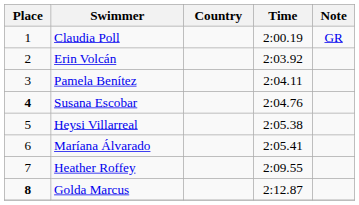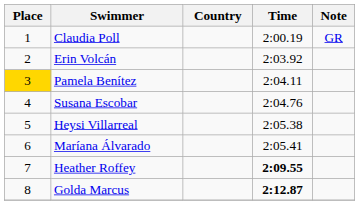 <table class="wikitable" style=" text-align:center; font-size:110%;" width="75%">
 <tr>
 <th>Place</th>
 <th>Swimmer</th>
 <th>Country</th>
 <th>Time</th>
 <th>Note</th>
 </tr>
 <tr>
 <td>1</td>
 <td align=left><a href='#'>Claudia Poll</a></td>
 <td align=left></td>
 <td>2:00.19</td>
 <td><a href='#'>GR</a></td>
 </tr>
 <tr>
 <td>2</td>
 <td align=left><a href='#'>Erin Volcán</a></td>
 <td align=left></td>
 <td>2:03.92</td>
 <td></td>
 </tr>
 <tr>
-<td>3</td>
+<td style="background: gold;">3</td>
 <td align=left><a href='#'>Pamela Benítez</a></td>
 <td align=left></td>
 <td>2:04.11</td>
 <td></td>
 </tr>
 <tr>
-<td><strong>4</strong></td>
+<td>4</td>
 <td align=left><a href='#'>Susana Escobar</a></td>
 <td align=left></td>
 <td>2:04.76</td>
 <td></td>
 </tr>
 <tr>
 <td>5</td>
 <td align=left><a href='#'>Heysi Villarreal</a></td>
 <td align=left></td>
 <td>2:05.38</td>
 <td></td>
 </tr>
 <tr>
 <td>6</td>
 <td align=left><a href='#'>Maríana Álvarado</a></td>
 <td align=left></td>
 <td>2:05.41</td>
 <td></td>
 </tr>
 <tr>
 <td>7</td>
 <td align=left><a href='#'>Heather Roffey</a></td>
 <td align=left></td>
-<td>2:09.55</td>
+<td><strong>2:09.55</strong></td>
 <td></td>
 </tr>
 <tr>
-<td><strong>8</strong></td>
+<td>8</td>
 <td align=left><a href='#'>Golda Marcus</a></td>
 <td align=left></td>
-<td>2:12.87</td>
+<td><strong>2:12.87</strong></td>
 <td></td>
 </tr>
 <tr>
 </tr>
 </table>
